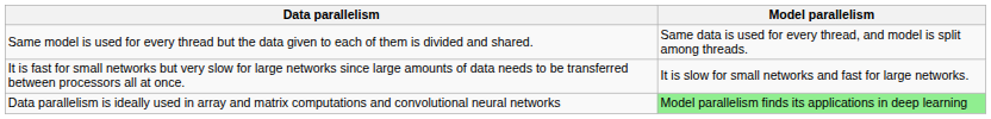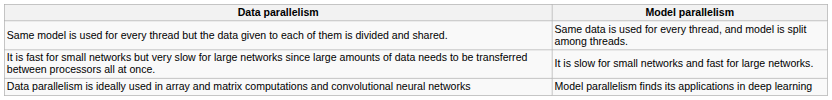 <table class="wikitable">
 <tr>
 <th>Data parallelism</th>
 <th>Model parallelism</th>
 </tr>
 <tr>
 <td>Same model is used for every thread but the data given to each of them is divided and shared.</td>
 <td>Same data is used for every thread, and model is split among threads.</td>
 </tr>
 <tr>
 <td>It is fast for small networks but very slow for large networks since large amounts of data needs to be transferred between processors all at once.</td>
 <td>It is slow for small networks and fast for large networks.</td>
 </tr>
 <tr>
 <td>Data parallelism is ideally used in array and matrix computations and convolutional neural networks</td>
-<td style="background: lightgreen;">Model parallelism finds its applications in deep learning</td>
+<td>Model parallelism finds its applications in deep learning</td>
 </tr>
 </table>
